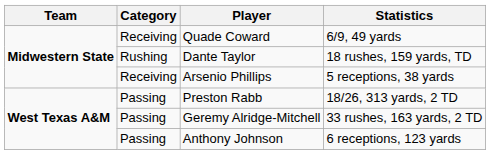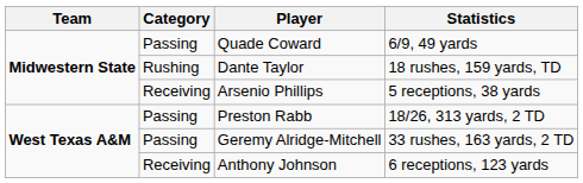 <table class="wikitable" style="float: left;">
 <tr>
 <th>Team</th>
 <th>Category</th>
 <th>Player</th>
 <th>Statistics</th>
 </tr>
 <tr>
 <td rowspan=3><strong>Midwestern State</strong></td>
-<td>Receiving</td>
+<td>Passing</td>
 <td>Quade Coward</td>
 <td>6/9, 49 yards</td>
 </tr>
 <tr>
 <td>Rushing</td>
 <td>Dante Taylor</td>
 <td>18 rushes, 159 yards, TD</td>
 </tr>
 <tr>
 <td>Receiving</td>
 <td>Arsenio Phillips</td>
 <td>5 receptions, 38 yards</td>
 </tr>
 <tr>
 <td rowspan=3><strong>West Texas A&M</strong></td>
 <td>Passing</td>
 <td>Preston Rabb</td>
 <td>18/26, 313 yards, 2 TD</td>
 </tr>
 <tr>
 <td>Passing</td>
 <td>Geremy Alridge-Mitchell</td>
 <td>33 rushes, 163 yards, 2 TD</td>
 </tr>
 <tr>
-<td>Passing</td>
+<td>Receiving</td>
 <td>Anthony Johnson</td>
 <td>6 receptions, 123 yards</td>
 </tr>
 </table>
